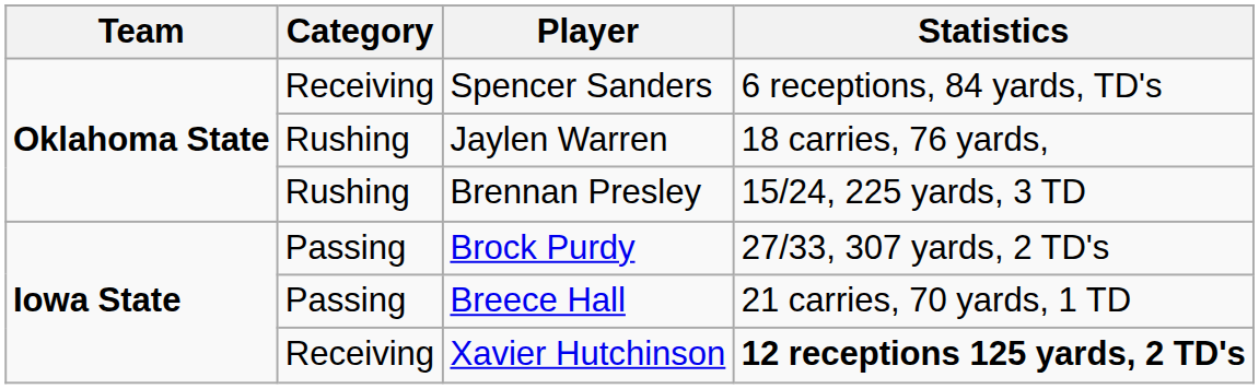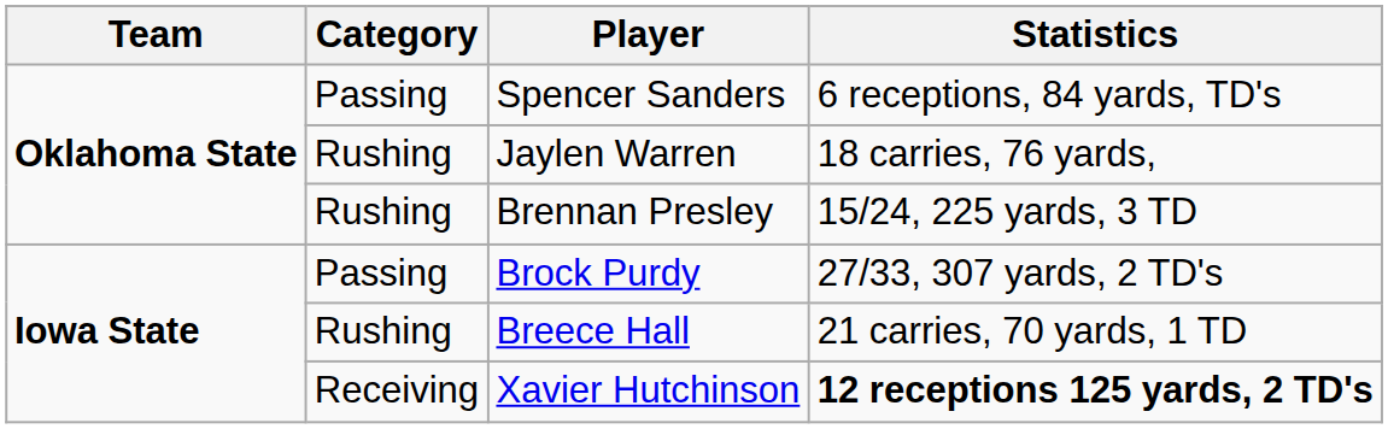 <table class="wikitable" style="float: right;">
 <tr>
 <th>Team</th>
 <th>Category</th>
 <th>Player</th>
 <th>Statistics</th>
 </tr>
 <tr>
 <td rowspan=3><strong>Oklahoma State</strong></td>
-<td>Receiving</td>
+<td>Passing</td>
 <td>Spencer Sanders</td>
 <td>6 receptions, 84 yards, TD's</td>
 </tr>
 <tr>
 <td>Rushing</td>
 <td>Jaylen Warren</td>
 <td>18 carries, 76 yards,</td>
 </tr>
 <tr>
 <td>Rushing</td>
 <td>Brennan Presley</td>
 <td>15/24, 225 yards, 3 TD</td>
 </tr>
 <tr>
 <td rowspan=3><strong>Iowa State</strong></td>
 <td>Passing</td>
 <td><a href='#'>Brock Purdy</a></td>
 <td>27/33, 307 yards, 2 TD's</td>
 </tr>
 <tr>
-<td>Passing</td>
+<td>Rushing</td>
 <td><a href='#'>Breece Hall</a></td>
 <td>21 carries, 70 yards, 1 TD</td>
 </tr>
 <tr>
 <td>Receiving</td>
 <td><a href='#'>Xavier Hutchinson</a></td>
 <td><strong>12 receptions 125 yards, 2 TD's</strong></td>
 </tr>
 </table>
